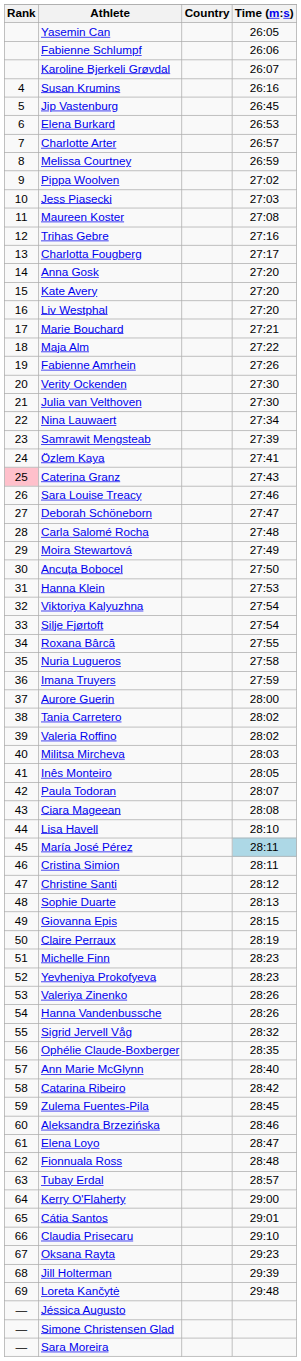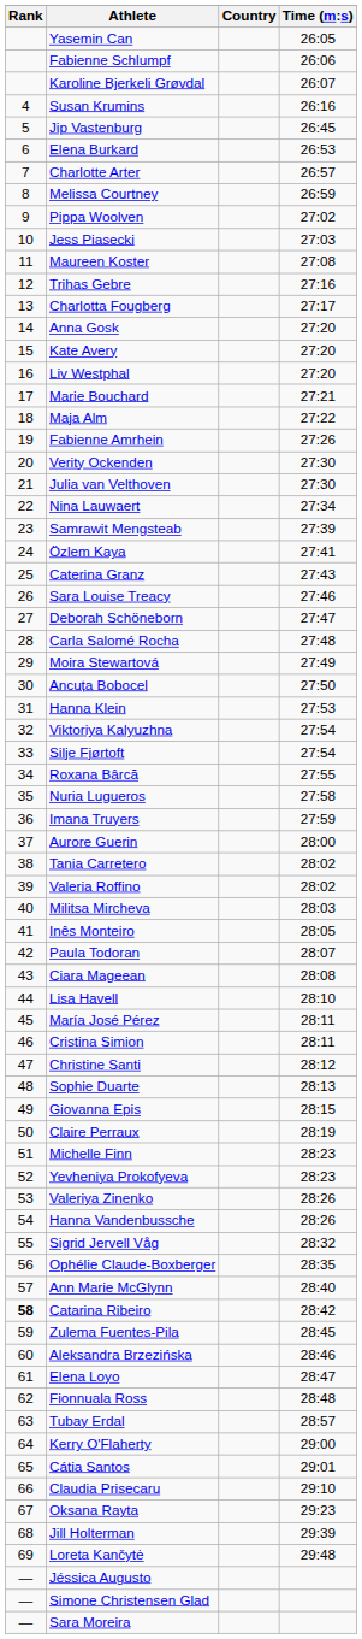 <table class="wikitable sortable" style="text-align:center;">
 <tr>
 </tr>
 <tr>
 <th>Rank</th>
 <th>Athlete</th>
 <th>Country</th>
 <th>Time (<a href='#'>m</a>:<a href='#'>s</a>)</th>
 </tr>
 <tr>
 <td></td>
 <td align=left><a href='#'>Yasemin Can</a></td>
 <td align=left></td>
 <td>26:05</td>
 </tr>
 <tr>
 <td></td>
 <td align=left><a href='#'>Fabienne Schlumpf</a></td>
 <td align=left></td>
 <td>26:06</td>
 </tr>
 <tr>
 <td></td>
 <td align=left><a href='#'>Karoline Bjerkeli Grøvdal</a></td>
 <td align=left></td>
 <td>26:07</td>
 </tr>
 <tr>
 <td>4</td>
 <td align=left><a href='#'>Susan Krumins</a></td>
 <td align=left></td>
 <td>26:16</td>
 </tr>
 <tr>
 <td>5</td>
 <td align=left><a href='#'>Jip Vastenburg</a></td>
 <td align=left></td>
 <td>26:45</td>
 </tr>
 <tr>
 <td>6</td>
 <td align=left><a href='#'>Elena Burkard</a></td>
 <td align=left></td>
 <td>26:53</td>
 </tr>
 <tr>
 <td>7</td>
 <td align=left><a href='#'>Charlotte Arter</a></td>
 <td align=left></td>
 <td>26:57</td>
 </tr>
 <tr>
 <td>8</td>
 <td align=left><a href='#'>Melissa Courtney</a></td>
 <td align=left></td>
 <td>26:59</td>
 </tr>
 <tr>
 <td>9</td>
 <td align=left><a href='#'>Pippa Woolven</a></td>
 <td align=left></td>
 <td>27:02</td>
 </tr>
 <tr>
 <td>10</td>
 <td align=left><a href='#'>Jess Piasecki</a></td>
 <td align=left></td>
 <td>27:03</td>
 </tr>
 <tr>
 <td>11</td>
 <td align=left><a href='#'>Maureen Koster</a></td>
 <td align=left></td>
 <td>27:08</td>
 </tr>
 <tr>
 <td>12</td>
 <td align=left><a href='#'>Trihas Gebre</a></td>
 <td align=left></td>
 <td>27:16</td>
 </tr>
 <tr>
 <td>13</td>
 <td align=left><a href='#'>Charlotta Fougberg</a></td>
 <td align=left></td>
 <td>27:17</td>
 </tr>
 <tr>
 <td>14</td>
 <td align=left><a href='#'>Anna Gosk</a></td>
 <td align=left></td>
 <td>27:20</td>
 </tr>
 <tr>
 <td>15</td>
 <td align=left><a href='#'>Kate Avery</a></td>
 <td align=left></td>
 <td>27:20</td>
 </tr>
 <tr>
 <td>16</td>
 <td align=left><a href='#'>Liv Westphal</a></td>
 <td align=left></td>
 <td>27:20</td>
 </tr>
 <tr>
 <td>17</td>
 <td align=left><a href='#'>Marie Bouchard</a></td>
 <td align=left></td>
 <td>27:21</td>
 </tr>
 <tr>
 <td>18</td>
 <td align=left><a href='#'>Maja Alm</a></td>
 <td align=left></td>
 <td>27:22</td>
 </tr>
 <tr>
 <td>19</td>
 <td align=left><a href='#'>Fabienne Amrhein</a></td>
 <td align=left></td>
 <td>27:26</td>
 </tr>
 <tr>
 <td>20</td>
 <td align=left><a href='#'>Verity Ockenden</a></td>
 <td align=left></td>
 <td>27:30</td>
 </tr>
 <tr>
 <td>21</td>
 <td align=left><a href='#'>Julia van Velthoven</a></td>
 <td align=left></td>
 <td>27:30</td>
 </tr>
 <tr>
 <td>22</td>
 <td align=left><a href='#'>Nina Lauwaert</a></td>
 <td align=left></td>
 <td>27:34</td>
 </tr>
 <tr>
 <td>23</td>
 <td align=left><a href='#'>Samrawit Mengsteab</a></td>
 <td align=left></td>
 <td>27:39</td>
 </tr>
 <tr>
 <td>24</td>
 <td align=left><a href='#'>Özlem Kaya</a></td>
 <td align=left></td>
 <td>27:41</td>
 </tr>
 <tr>
-<td style="background: pink;">25</td>
+<td>25</td>
 <td align=left><a href='#'>Caterina Granz</a></td>
 <td align=left></td>
 <td>27:43</td>
 </tr>
 <tr>
 <td>26</td>
 <td align=left><a href='#'>Sara Louise Treacy</a></td>
 <td align=left></td>
 <td>27:46</td>
 </tr>
 <tr>
 <td>27</td>
 <td align=left><a href='#'>Deborah Schöneborn</a></td>
 <td align=left></td>
 <td>27:47</td>
 </tr>
 <tr>
 <td>28</td>
 <td align=left><a href='#'>Carla Salomé Rocha</a></td>
 <td align=left></td>
 <td>27:48</td>
 </tr>
 <tr>
 <td>29</td>
 <td align=left><a href='#'>Moira Stewartová</a></td>
 <td align=left></td>
 <td>27:49</td>
 </tr>
 <tr>
 <td>30</td>
 <td align=left><a href='#'>Ancuța Bobocel</a></td>
 <td align=left></td>
 <td>27:50</td>
 </tr>
 <tr>
 <td>31</td>
 <td align=left><a href='#'>Hanna Klein</a></td>
 <td align=left></td>
 <td>27:53</td>
 </tr>
 <tr>
 <td>32</td>
 <td align=left><a href='#'>Viktoriya Kalyuzhna</a></td>
 <td align=left></td>
 <td>27:54</td>
 </tr>
 <tr>
 <td>33</td>
 <td align=left><a href='#'>Silje Fjørtoft</a></td>
 <td align=left></td>
 <td>27:54</td>
 </tr>
 <tr>
 <td>34</td>
 <td align=left><a href='#'>Roxana Bârcă</a></td>
 <td align=left></td>
 <td>27:55</td>
 </tr>
 <tr>
 <td>35</td>
 <td align=left><a href='#'>Nuria Lugueros</a></td>
 <td align=left></td>
 <td>27:58</td>
 </tr>
 <tr>
 <td>36</td>
 <td align=left><a href='#'>Imana Truyers</a></td>
 <td align=left></td>
 <td>27:59</td>
 </tr>
 <tr>
 <td>37</td>
 <td align=left><a href='#'>Aurore Guerin</a></td>
 <td align=left></td>
 <td>28:00</td>
 </tr>
 <tr>
 <td>38</td>
 <td align=left><a href='#'>Tania Carretero</a></td>
 <td align=left></td>
 <td>28:02</td>
 </tr>
 <tr>
 <td>39</td>
 <td align=left><a href='#'>Valeria Roffino</a></td>
 <td align=left></td>
 <td>28:02</td>
 </tr>
 <tr>
 <td>40</td>
 <td align=left><a href='#'>Militsa Mircheva</a></td>
 <td align=left></td>
 <td>28:03</td>
 </tr>
 <tr>
 <td>41</td>
 <td align=left><a href='#'>Inês Monteiro</a></td>
 <td align=left></td>
 <td>28:05</td>
 </tr>
 <tr>
 <td>42</td>
 <td align=left><a href='#'>Paula Todoran</a></td>
 <td align=left></td>
 <td>28:07</td>
 </tr>
 <tr>
 <td>43</td>
 <td align=left><a href='#'>Ciara Mageean</a></td>
 <td align=left></td>
 <td>28:08</td>
 </tr>
 <tr>
 <td>44</td>
 <td align=left><a href='#'>Lisa Havell</a></td>
 <td align=left></td>
 <td>28:10</td>
 </tr>
 <tr>
 <td>45</td>
 <td align=left><a href='#'>María José Pérez</a></td>
 <td align=left></td>
-<td style="background: lightblue;">28:11</td>
+<td>28:11</td>
 </tr>
 <tr>
 <td>46</td>
 <td align=left><a href='#'>Cristina Simion</a></td>
 <td align=left></td>
 <td>28:11</td>
 </tr>
 <tr>
 <td>47</td>
 <td align=left><a href='#'>Christine Santi</a></td>
 <td align=left></td>
 <td>28:12</td>
 </tr>
 <tr>
 <td>48</td>
 <td align=left><a href='#'>Sophie Duarte</a></td>
 <td align=left></td>
 <td>28:13</td>
 </tr>
 <tr>
 <td>49</td>
 <td align=left><a href='#'>Giovanna Epis</a></td>
 <td align=left></td>
 <td>28:15</td>
 </tr>
 <tr>
 <td>50</td>
 <td align=left><a href='#'>Claire Perraux</a></td>
 <td align=left></td>
 <td>28:19</td>
 </tr>
 <tr>
 <td>51</td>
 <td align=left><a href='#'>Michelle Finn</a></td>
 <td align=left></td>
 <td>28:23</td>
 </tr>
 <tr>
 <td>52</td>
 <td align=left><a href='#'>Yevheniya Prokofyeva</a></td>
 <td align=left></td>
 <td>28:23</td>
 </tr>
 <tr>
 <td>53</td>
 <td align=left><a href='#'>Valeriya Zinenko</a></td>
 <td align=left></td>
 <td>28:26</td>
 </tr>
 <tr>
 <td>54</td>
 <td align=left><a href='#'>Hanna Vandenbussche</a></td>
 <td align=left></td>
 <td>28:26</td>
 </tr>
 <tr>
 <td>55</td>
 <td align=left><a href='#'>Sigrid Jervell Våg</a></td>
 <td align=left></td>
 <td>28:32</td>
 </tr>
 <tr>
 <td>56</td>
 <td align=left><a href='#'>Ophélie Claude-Boxberger</a></td>
 <td align=left></td>
 <td>28:35</td>
 </tr>
 <tr>
 <td>57</td>
 <td align=left><a href='#'>Ann Marie McGlynn</a></td>
 <td align=left></td>
 <td>28:40</td>
 </tr>
 <tr>
-<td>58</td>
+<td><strong>58</strong></td>
 <td align=left><a href='#'>Catarina Ribeiro</a></td>
 <td align=left></td>
 <td>28:42</td>
 </tr>
 <tr>
 <td>59</td>
 <td align=left><a href='#'>Zulema Fuentes-Pila</a></td>
 <td align=left></td>
 <td>28:45</td>
 </tr>
 <tr>
 <td>60</td>
 <td align=left><a href='#'>Aleksandra Brzezińska</a></td>
 <td align=left></td>
 <td>28:46</td>
 </tr>
 <tr>
 <td>61</td>
 <td align=left><a href='#'>Elena Loyo</a></td>
 <td align=left></td>
 <td>28:47</td>
 </tr>
 <tr>
 <td>62</td>
 <td align=left><a href='#'>Fionnuala Ross</a></td>
 <td align=left></td>
 <td>28:48</td>
 </tr>
 <tr>
 <td>63</td>
 <td align=left><a href='#'>Tubay Erdal</a></td>
 <td align=left></td>
 <td>28:57</td>
 </tr>
 <tr>
 <td>64</td>
 <td align=left><a href='#'>Kerry O'Flaherty</a></td>
 <td align=left></td>
 <td>29:00</td>
 </tr>
 <tr>
 <td>65</td>
 <td align=left><a href='#'>Cátia Santos</a></td>
 <td align=left></td>
 <td>29:01</td>
 </tr>
 <tr>
 <td>66</td>
 <td align=left><a href='#'>Claudia Prisecaru</a></td>
 <td align=left></td>
 <td>29:10</td>
 </tr>
 <tr>
 <td>67</td>
 <td align=left><a href='#'>Oksana Rayta</a></td>
 <td align=left></td>
 <td>29:23</td>
 </tr>
 <tr>
 <td>68</td>
 <td align=left><a href='#'>Jill Holterman</a></td>
 <td align=left></td>
 <td>29:39</td>
 </tr>
 <tr>
 <td>69</td>
 <td align=left><a href='#'>Loreta Kančytė</a></td>
 <td align=left></td>
 <td>29:48</td>
 </tr>
 <tr>
 <td>—</td>
 <td align=left><a href='#'>Jéssica Augusto</a></td>
 <td align=left></td>
 <td></td>
 </tr>
 <tr>
 <td>—</td>
 <td align=left><a href='#'>Simone Christensen Glad</a></td>
 <td align=left></td>
 <td></td>
 </tr>
 <tr>
 <td>—</td>
 <td align=left><a href='#'>Sara Moreira</a></td>
 <td align=left></td>
 <td></td>
 </tr>
 </table>
